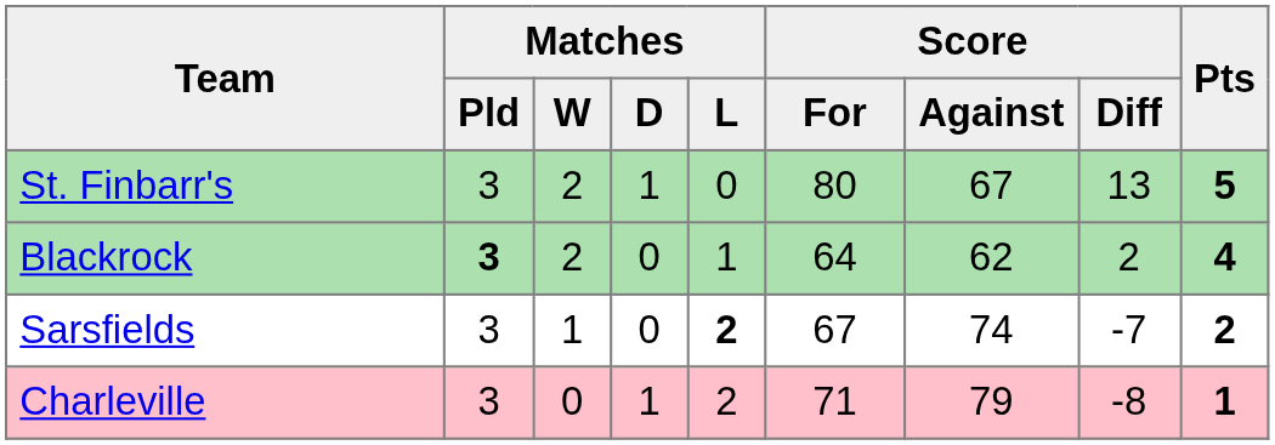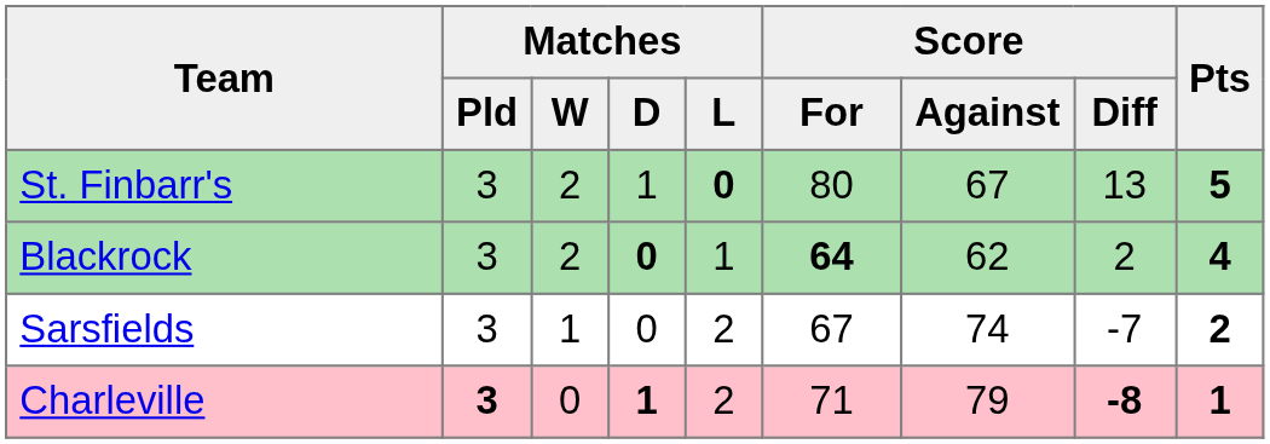 <table style=border-collapse:collapse border=1 cellspacing=0 cellpadding=5>
 <tr align=center bgcolor=#efefef>
 <th rowspan=2 width=165>Team</th>
 <th colspan=4>Matches</th>
 <th colspan=3>Score</th>
 <th rowspan=2width=20>Pts</th>
 </tr>
 <tr align=center bgcolor=#efefef>
 <th width=20>Pld</th>
 <th width=20>W</th>
 <th width=20>D</th>
 <th width=20>L</th>
 <th width=45>For</th>
 <th width=45>Against</th>
 <th width=30>Diff</th>
 </tr>
 <tr align=center style="background:#ACE1AF;">
 <td style="text-align:left;"><a href='#'>St. Finbarr's</a></td>
 <td>3</td>
 <td>2</td>
 <td>1</td>
-<td>0</td>
+<td><strong>0</strong></td>
 <td>80</td>
 <td>67</td>
 <td>13</td>
 <td><strong>5</strong></td>
 </tr>
 <tr align=center style="background:#ACE1AF;">
 <td style="text-align:left;"><a href='#'>Blackrock</a></td>
-<td><strong>3</strong></td>
+<td>3</td>
 <td>2</td>
-<td>0</td>
+<td><strong>0</strong></td>
 <td>1</td>
-<td>64</td>
+<td><strong>64</strong></td>
 <td>62</td>
 <td>2</td>
 <td><strong>4</strong></td>
 </tr>
 <tr align=center>
 <td style="text-align:left;"><a href='#'>Sarsfields</a></td>
 <td>3</td>
 <td>1</td>
 <td>0</td>
-<td><strong>2</strong></td>
+<td>2</td>
 <td>67</td>
 <td>74</td>
 <td>-7</td>
 <td><strong>2</strong></td>
 </tr>
 <tr align=center style="background:#FFC0CB;">
 <td style="text-align:left;"><a href='#'>Charleville</a></td>
-<td>3</td>
+<td><strong>3</strong></td>
 <td>0</td>
-<td>1</td>
+<td><strong>1</strong></td>
 <td>2</td>
 <td>71</td>
 <td>79</td>
-<td>-8</td>
+<td><strong>-8</strong></td>
 <td><strong>1</strong></td>
 </tr>
 </table>
